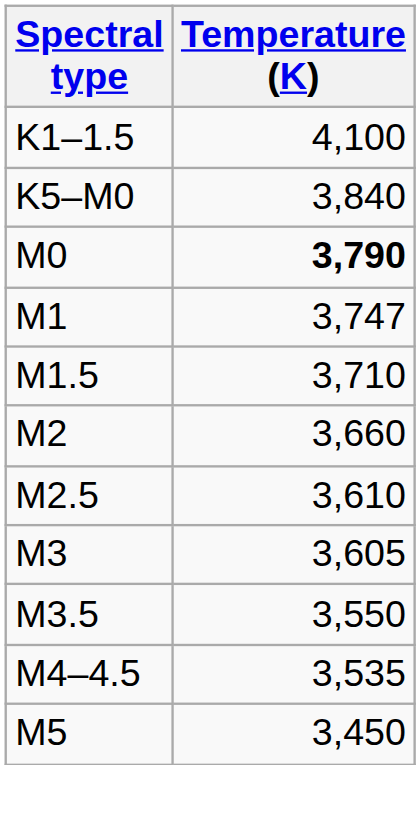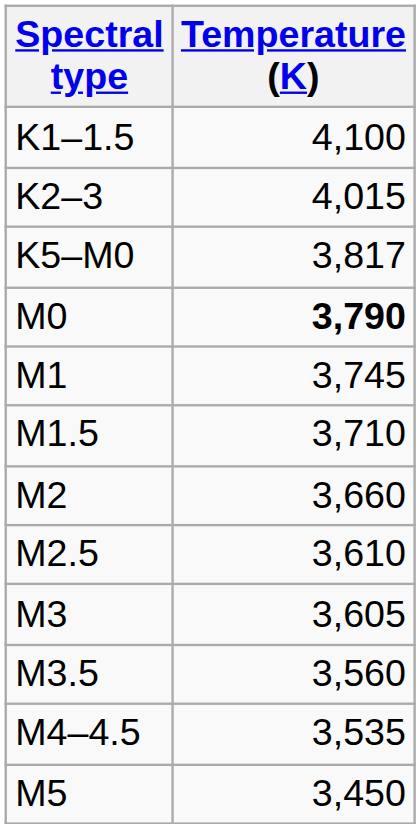 <table class="wikitable" style="float: right; margin-left: 0.5em;">
 <tr>
 <th><a href='#'>Spectral<br>type</a></th>
 <th><a href='#'>Temperature</a><br>(<a href='#'>K</a>)</th>
 </tr>
 <tr>
 <td>K1–1.5</td>
 <td style="text-align: right; background-color:#">4,100</td>
 </tr>
 <tr>
+<td>K2–3</td>
+<td style="text-align: right; background-color:#">4,015</td>
+</tr>
+<tr>
 <td>K5–M0</td>
-<td style="text-align: right; background-color:#">3,840</td>
+<td style="text-align: right; background-color:#">3,817</td>
 </tr>
 <tr>
 <td>M0</td>
 <td style="text-align: right; background-color:#"><strong>3,790</strong></td>
 </tr>
 <tr>
 <td>M1</td>
-<td style="text-align: right; background-color:#">3,747</td>
+<td style="text-align: right; background-color:#">3,745</td>
 </tr>
 <tr>
 <td>M1.5</td>
 <td style="text-align: right; background-color:#">3,710</td>
 </tr>
 <tr>
 <td>M2</td>
 <td style="text-align: right; background-color:#">3,660</td>
 </tr>
 <tr>
 <td>M2.5</td>
 <td style="text-align: right; background-color:#">3,610</td>
 </tr>
 <tr>
 <td>M3</td>
 <td style="text-align: right; background-color:#">3,605</td>
 </tr>
 <tr>
 <td>M3.5</td>
-<td style="text-align: right; background-color:#">3,550</td>
+<td style="text-align: right; background-color:#">3,560</td>
 </tr>
 <tr>
 <td>M4–4.5</td>
 <td style="text-align: right; background-color:#">3,535</td>
 </tr>
 <tr>
 <td>M5</td>
 <td style="text-align: right; background-color:#">3,450</td>
 </tr>
 </table>
